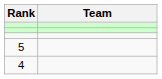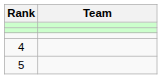 <table class="wikitable" style="text-align: center;">
 <tr>
 <th width=40>Rank</th>
 <th width=160>Team</th>
 </tr>
 <tr bgcolor=#ccffcc>
 <td></td>
 <td align=left></td>
 </tr>
 <tr bgcolor=#ccffcc>
 <td></td>
 <td align=left></td>
 </tr>
 <tr>
 <td></td>
 <td align=left></td>
 </tr>
 <tr>
+<td>4</td>
+<td align=left></td>
+</tr>
+<tr>
 <td>5</td>
 <td align=left></td>
 </tr>
-<tr>
-<td>4</td>
-<td align=left></td>
-</tr>
 </table>
